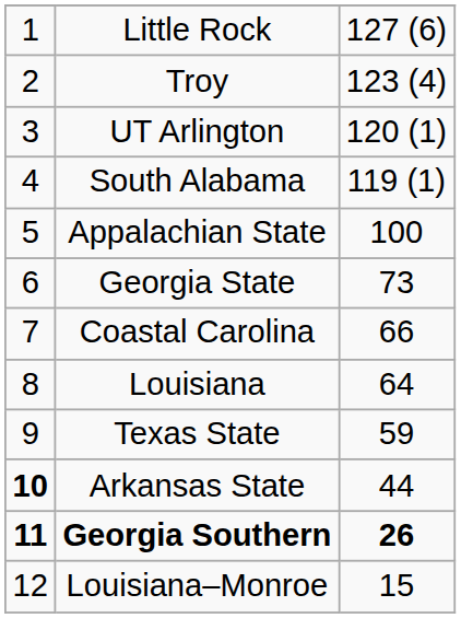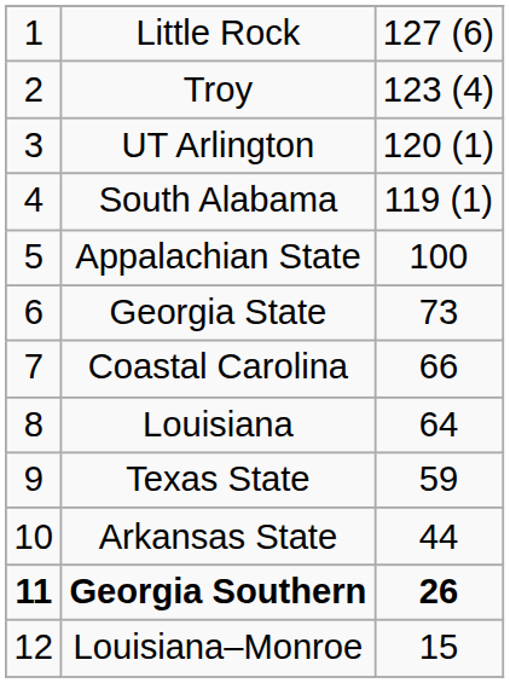 <table class="wikitable">
 <tr align="center">
 </tr>
 <tr align="center">
 <td>1</td>
 <td>Little Rock</td>
 <td>127 (6)</td>
 </tr>
 <tr align="center">
 <td>2</td>
 <td>Troy</td>
 <td>123 (4)</td>
 </tr>
 <tr align="center">
 <td>3</td>
 <td>UT Arlington</td>
 <td>120 (1)</td>
 </tr>
 <tr align="center">
 <td>4</td>
 <td>South Alabama</td>
 <td>119 (1)</td>
 </tr>
 <tr align="center">
 <td>5</td>
 <td>Appalachian State</td>
 <td>100</td>
 </tr>
 <tr align="center">
 <td>6</td>
 <td>Georgia State</td>
 <td>73</td>
 </tr>
 <tr align="center">
 <td>7</td>
 <td>Coastal Carolina</td>
 <td>66</td>
 </tr>
 <tr align="center">
 <td>8</td>
 <td>Louisiana</td>
 <td>64</td>
 </tr>
 <tr align="center">
 <td>9</td>
 <td>Texas State</td>
 <td>59</td>
 </tr>
 <tr align="center">
-<td><strong>10</strong></td>
+<td>10</td>
 <td>Arkansas State</td>
 <td>44</td>
 </tr>
 <tr align="center">
 <td><strong>11</strong></td>
 <td><strong>Georgia Southern</strong></td>
 <td><strong>26</strong></td>
 </tr>
 <tr align="center">
 <td>12</td>
 <td>Louisiana–Monroe</td>
 <td>15</td>
 </tr>
 </table>
